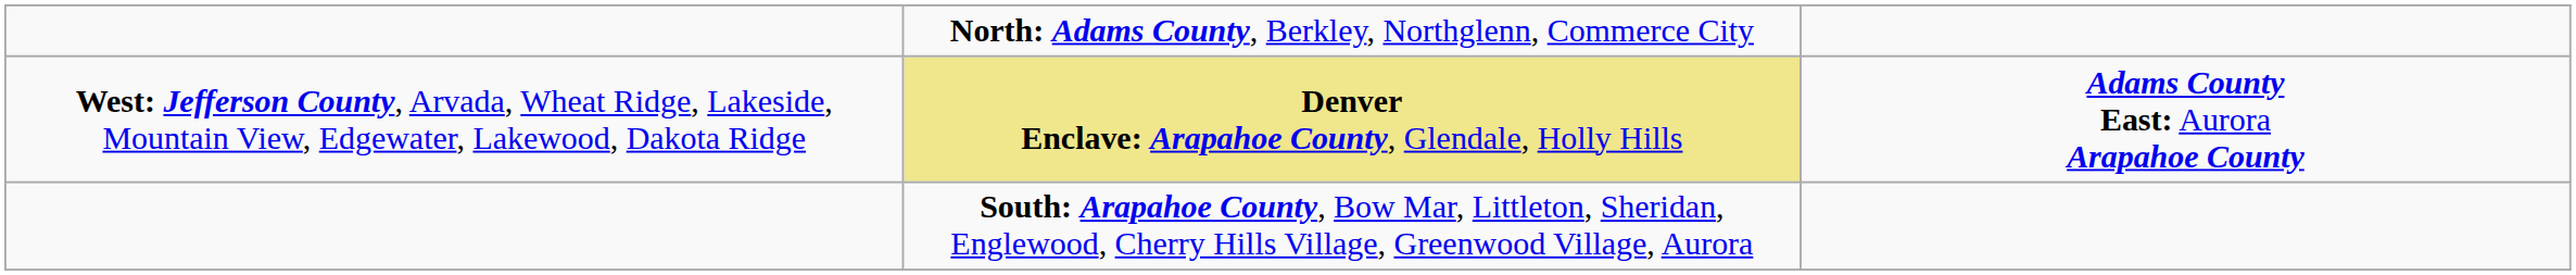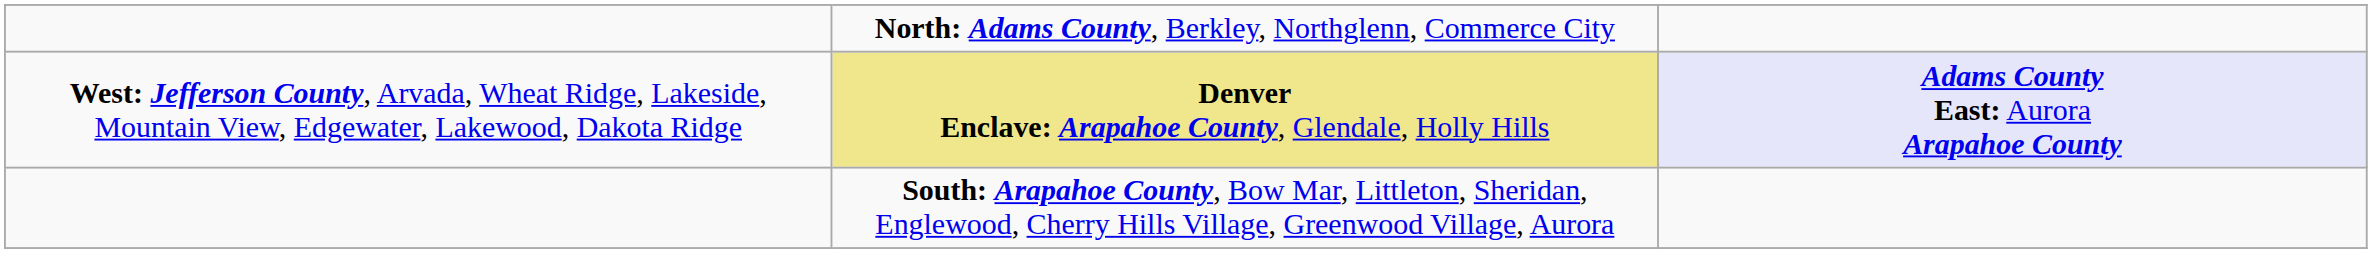 <table class="wikitable" style="margin:auto;">
 <tr>
 <td style="width:35%; text-align:center;"></td>
 <td style="width:30%; text-align:center;"><strong>North:</strong> <strong><em><a href='#'>Adams County</a></em></strong>, <a href='#'>Berkley</a>, <a href='#'>Northglenn</a>, <a href='#'>Commerce City</a></td>
 <td style="width:35%; text-align:center;"></td>
 </tr>
 <tr>
 <td style="width:10%; text-align:center;"><strong>West:</strong> <strong><em><a href='#'>Jefferson County</a></em></strong>, <a href='#'>Arvada</a>, <a href='#'>Wheat Ridge</a>, <a href='#'>Lakeside</a>, <a href='#'>Mountain View</a>, <a href='#'>Edgewater</a>, <a href='#'>Lakewood</a>, <a href='#'>Dakota Ridge</a></td>
 <td style="background: khaki; width:35%; text-align:center;"><strong>Denver</strong><br><strong>Enclave:</strong> <strong><em><a href='#'>Arapahoe County</a></em></strong>, <a href='#'>Glendale</a>, <a href='#'>Holly Hills</a></td>
-<td style="width:30%; text-align:center;"><strong><em><a href='#'>Adams County</a></em></strong><br><strong>East:</strong> <a href='#'>Aurora</a><br><strong><em><a href='#'>Arapahoe County</a></em></strong></td>
+<td style="background: lavender; width:30%; text-align:center;"><strong><em><a href='#'>Adams County</a></em></strong><br><strong>East:</strong> <a href='#'>Aurora</a><br><strong><em><a href='#'>Arapahoe County</a></em></strong></td>
 </tr>
 <tr>
 <td style="width:35%; text-align:center;"></td>
 <td style="width:30%; text-align:center;"><strong>South:</strong> <strong><em><a href='#'>Arapahoe County</a></em></strong>, <a href='#'>Bow Mar</a>, <a href='#'>Littleton</a>, <a href='#'>Sheridan</a>, <a href='#'>Englewood</a>, <a href='#'>Cherry Hills Village</a>, <a href='#'>Greenwood Village</a>, <a href='#'>Aurora</a></td>
 <td style="width:35%; text-align:center;"></td>
 </tr>
 </table>
